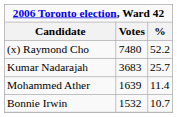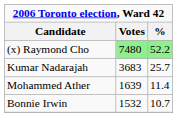 <table class="wikitable">
 <tr>
 <td Colspan="3" align="center"><strong><a href='#'>2006 Toronto election</a>, Ward 42</strong></td>
 </tr>
 <tr>
 <th bgcolor="#DDDDFF" width="150px">Candidate</th>
 <th bgcolor="#DDDDFF">Votes</th>
 <th bgcolor="#DDDDFF">%</th>
 </tr>
 <tr>
 <td>(x) Raymond Cho</td>
-<td>7480</td>
-<td>52.2</td>
+<td style="background: lightgreen;">7480</td>
+<td style="background: lightgreen;">52.2</td>
 </tr>
 <tr>
 <td>Kumar Nadarajah</td>
 <td>3683</td>
 <td>25.7</td>
 </tr>
 <tr>
 <td>Mohammed Ather</td>
 <td>1639</td>
 <td>11.4</td>
 </tr>
 <tr>
 <td>Bonnie Irwin</td>
 <td>1532</td>
 <td>10.7</td>
 </tr>
 <tr>
 </tr>
 </table>
